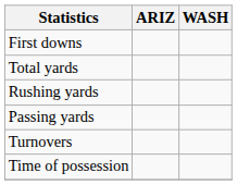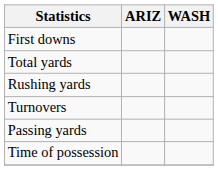 <table class="wikitable" style="float: left;">
 <tr>
 <th>Statistics</th>
 <th>ARIZ</th>
 <th>WASH</th>
 </tr>
 <tr>
 <td>First downs</td>
 <td></td>
 <td></td>
 </tr>
 <tr>
 <td>Total yards</td>
 <td></td>
 <td></td>
 </tr>
 <tr>
 <td>Rushing yards</td>
 <td></td>
 <td></td>
 </tr>
 <tr>
-<td>Passing yards</td>
+<td>Turnovers</td>
 <td></td>
 <td></td>
 </tr>
 <tr>
-<td>Turnovers</td>
+<td>Passing yards</td>
 <td></td>
 <td></td>
 </tr>
 <tr>
 <td>Time of possession</td>
 <td></td>
 <td></td>
 </tr>
 <tr>
 </tr>
 </table>
